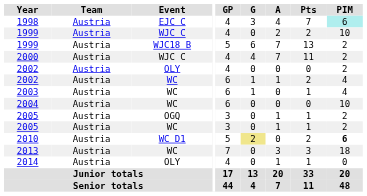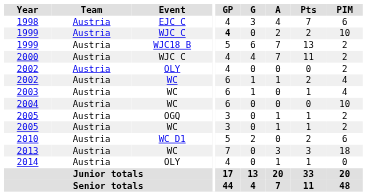 <table border="0" cellpadding="1" cellspacing="0" ID="Table3" style="text-align:center; width:40em">
 <tr bgcolor="#e0e0e0">
 <th>Year</th>
 <th>Team</th>
 <th>Event</th>
 <th rowspan="102" bgcolor="#ffffff"></th>
 <th>GP</th>
 <th>G</th>
 <th>A</th>
 <th>Pts</th>
 <th>PIM</th>
 </tr>
 <tr>
 <td><a href='#'>1998</a></td>
 <td><a href='#'>Austria</a></td>
 <td><a href='#'>EJC C</a></td>
 <td>4</td>
 <td>3</td>
 <td>4</td>
 <td>7</td>
-<td style="background: paleturquoise;">6</td>
+<td>6</td>
 </tr>
 <tr bgcolor="#f0f0f0">
 <td><a href='#'>1999</a></td>
 <td><a href='#'>Austria</a></td>
 <td><a href='#'>WJC C</a></td>
-<td>4</td>
+<td><strong>4</strong></td>
 <td>0</td>
 <td>2</td>
 <td>2</td>
 <td>10</td>
 </tr>
 <tr>
 <td><a href='#'>1999</a></td>
 <td>Austria</td>
 <td><a href='#'>WJC18 B</a></td>
 <td>5</td>
 <td>6</td>
 <td>7</td>
 <td>13</td>
 <td>2</td>
 </tr>
 <tr bgcolor="#f0f0f0">
 <td><a href='#'>2000</a></td>
 <td>Austria</td>
 <td>WJC C</td>
 <td>4</td>
 <td>4</td>
 <td>7</td>
 <td>11</td>
 <td>2</td>
 </tr>
 <tr>
 <td><a href='#'>2002</a></td>
 <td><a href='#'>Austria</a></td>
 <td><a href='#'>OLY</a></td>
 <td>4</td>
 <td>0</td>
 <td>0</td>
 <td>0</td>
 <td>2</td>
 </tr>
 <tr bgcolor="#f0f0f0">
 <td><a href='#'>2002</a></td>
 <td>Austria</td>
 <td><a href='#'>WC</a></td>
 <td>6</td>
 <td>1</td>
 <td>1</td>
 <td>2</td>
 <td>4</td>
 </tr>
 <tr>
 <td><a href='#'>2003</a></td>
 <td>Austria</td>
 <td>WC</td>
 <td>6</td>
 <td>1</td>
 <td>0</td>
 <td>1</td>
 <td>4</td>
 </tr>
 <tr bgcolor="#f0f0f0">
 <td><a href='#'>2004</a></td>
 <td>Austria</td>
 <td>WC</td>
 <td>6</td>
 <td>0</td>
 <td>0</td>
 <td>0</td>
 <td>10</td>
 </tr>
 <tr>
 <td><a href='#'>2005</a></td>
 <td>Austria</td>
 <td>OGQ</td>
 <td>3</td>
 <td>0</td>
 <td>1</td>
 <td>1</td>
 <td>2</td>
 </tr>
 <tr bgcolor="#f0f0f0">
 <td><a href='#'>2005</a></td>
 <td>Austria</td>
 <td>WC</td>
 <td>3</td>
 <td>0</td>
 <td>1</td>
 <td>1</td>
 <td>2</td>
 </tr>
 <tr>
 <td><a href='#'>2010</a></td>
 <td>Austria</td>
 <td><a href='#'>WC D1</a></td>
 <td>5</td>
-<td style="background: khaki;">2</td>
+<td>2</td>
 <td>0</td>
 <td>2</td>
-<td><strong>6</strong></td>
+<td>6</td>
 </tr>
 <tr bgcolor="#f0f0f0">
 <td><a href='#'>2013</a></td>
 <td>Austria</td>
 <td>WC</td>
 <td>7</td>
 <td>0</td>
 <td>3</td>
 <td>3</td>
 <td>18</td>
 </tr>
 <tr>
 <td><a href='#'>2014</a></td>
 <td>Austria</td>
 <td>OLY</td>
 <td>4</td>
 <td>0</td>
 <td>1</td>
 <td>1</td>
 <td>0</td>
 </tr>
 <tr bgcolor="#e0e0e0">
 <th colspan="3">Junior totals</th>
 <th>17</th>
 <th>13</th>
 <th>20</th>
 <th>33</th>
 <th>20</th>
 </tr>
 <tr bgcolor="#e0e0e0">
 <th colspan="3">Senior totals</th>
 <th>44</th>
 <th>4</th>
 <th>7</th>
 <th>11</th>
 <th>48</th>
 </tr>
 </table>
